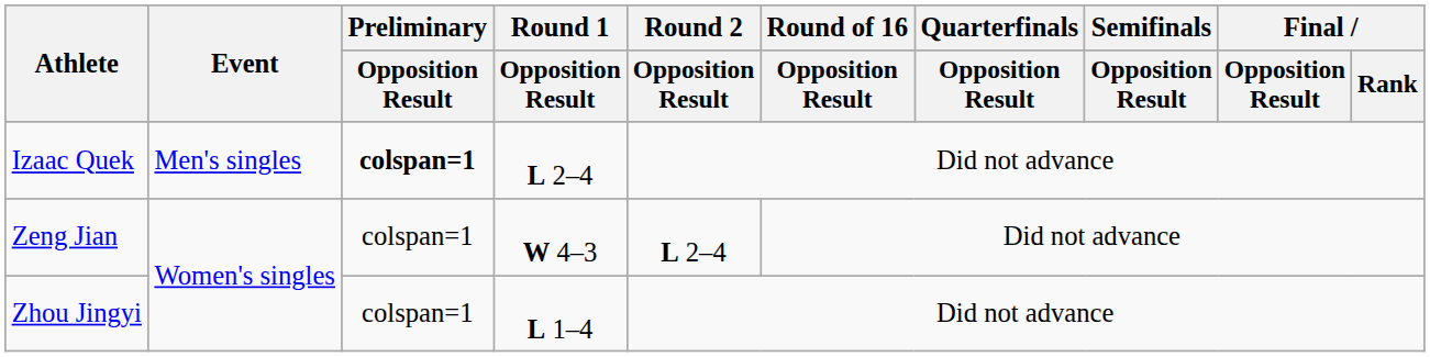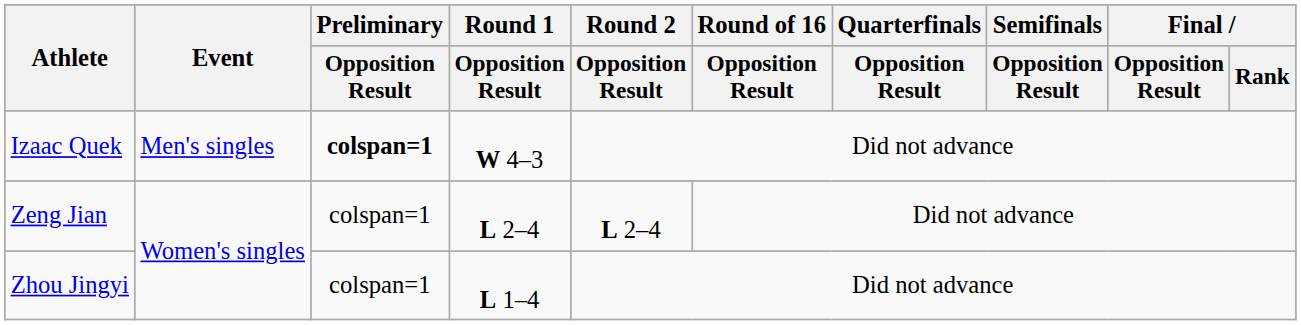 <table class=wikitable style=font-size:90%;text-align:center>
 <tr>
 <th rowspan=2>Athlete</th>
 <th rowspan=2>Event</th>
 <th>Preliminary</th>
 <th>Round 1</th>
 <th>Round 2</th>
 <th>Round of 16</th>
 <th>Quarterfinals</th>
 <th>Semifinals</th>
 <th colspan=2>Final / </th>
 </tr>
 <tr style=font-size:95%>
 <th>Opposition<br>Result</th>
 <th>Opposition<br>Result</th>
 <th>Opposition<br>Result</th>
 <th>Opposition<br>Result</th>
 <th>Opposition<br>Result</th>
 <th>Opposition<br>Result</th>
 <th>Opposition<br>Result</th>
 <th>Rank</th>
 </tr>
 <tr>
 <td align=left><a href='#'>Izaac Quek</a></td>
 <td align=left><a href='#'>Men's singles</a></td>
 <td><strong>colspan=1 </strong></td>
-<td><br><strong>L</strong> 2–4</td>
+<td><br><strong>W</strong> 4–3</td>
 <td colspan=6>Did not advance</td>
 </tr>
 <tr>
 <td align=left><a href='#'>Zeng Jian</a></td>
 <td align=left rowspan=2><a href='#'>Women's singles</a></td>
 <td>colspan=1 </td>
-<td><br><strong>W</strong> 4–3</td>
+<td><br><strong>L</strong> 2–4</td>
 <td><br><strong>L</strong> 2–4</td>
 <td colspan=5>Did not advance</td>
 </tr>
 <tr>
 <td align=left><a href='#'>Zhou Jingyi</a></td>
 <td>colspan=1 </td>
 <td><br><strong>L</strong> 1–4</td>
 <td colspan=6>Did not advance</td>
 </tr>
 </table>
